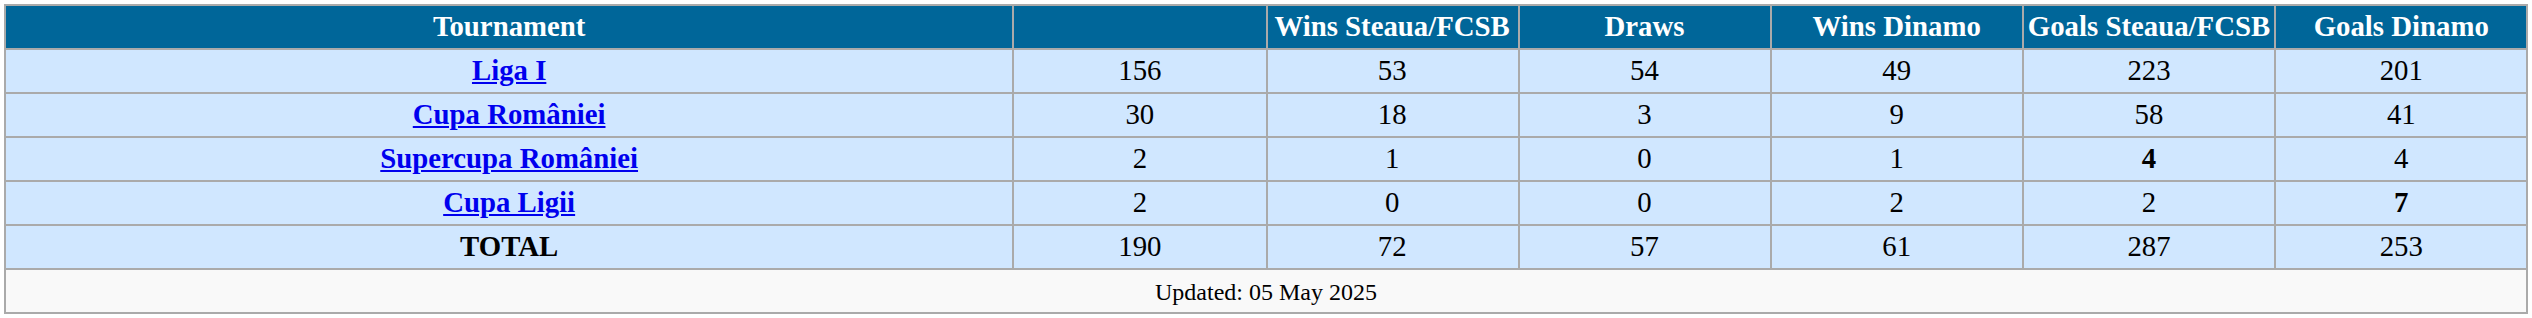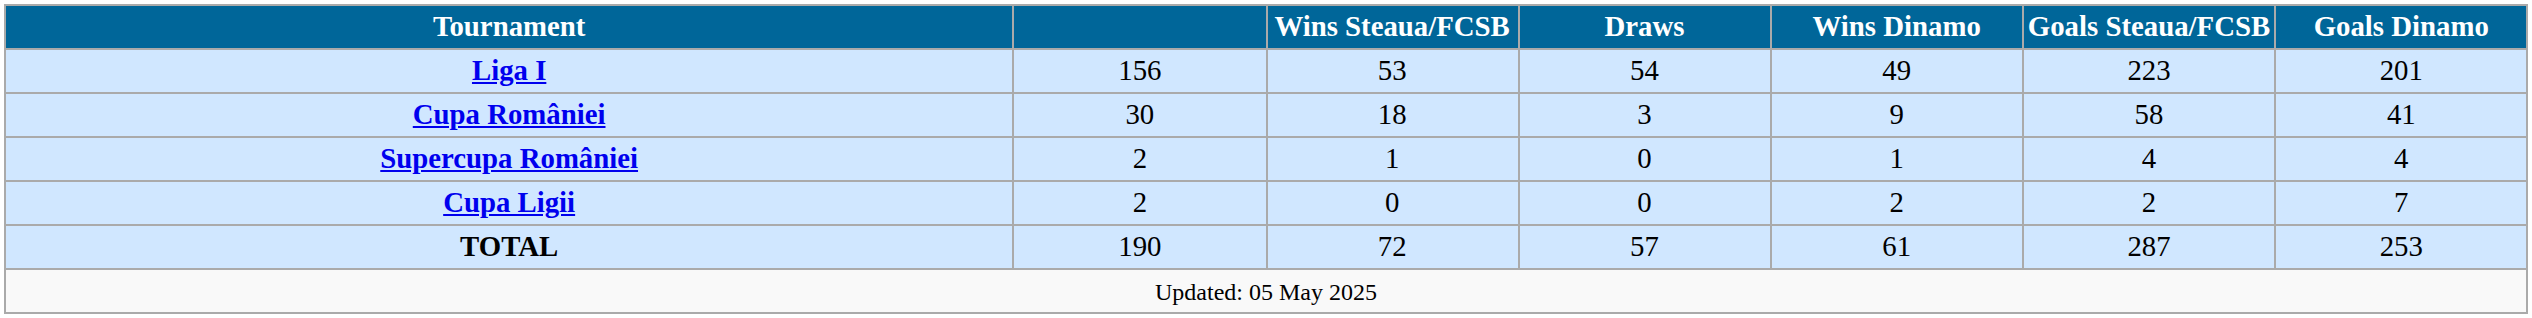 <table align=center border=1 cellpadding="2" cellspacing="0" style="background: #f9f9f9; border: 1px #aaa solid; border-collapse: collapse; font-size: 90%; text-align: center;">
 <tr align=center bgcolor=#006699 style="color:white;">
 <th width=40%>Tournament</th>
 <th width=10%></th>
 <th width=10%>Wins Steaua/FCSB</th>
 <th width=10%>Draws</th>
 <th width=10%>Wins Dinamo</th>
 <th width=10%>Goals Steaua/FCSB</th>
 <th width=10%>Goals Dinamo</th>
 </tr>
 <tr align=center bgcolor=#D0E7FF>
 <td><strong><a href='#'>Liga I</a></strong></td>
 <td>156</td>
 <td>53</td>
 <td>54</td>
 <td>49</td>
 <td>223</td>
 <td>201</td>
 </tr>
 <tr align=center bgcolor=#D0E7FF>
 <td><strong><a href='#'>Cupa României</a></strong></td>
 <td>30</td>
 <td>18</td>
 <td>3</td>
 <td>9</td>
 <td>58</td>
 <td>41</td>
 </tr>
 <tr align=center bgcolor=#D0E7FF>
 <td><strong><a href='#'>Supercupa României</a></strong></td>
 <td>2</td>
 <td>1</td>
 <td>0</td>
 <td>1</td>
-<td><strong>4</strong></td>
+<td>4</td>
 <td>4</td>
 </tr>
 <tr align=center bgcolor=#D0E7FF>
 <td><strong><a href='#'>Cupa Ligii</a></strong></td>
 <td>2</td>
 <td>0</td>
 <td>0</td>
 <td>2</td>
 <td>2</td>
-<td><strong>7</strong></td>
+<td>7</td>
 </tr>
 <tr align=center bgcolor=#D0E7FF>
 <td><strong>TOTAL</strong></td>
 <td>190</td>
 <td>72</td>
 <td>57</td>
 <td>61</td>
 <td>287</td>
 <td>253</td>
 </tr>
 <tr>
 <td colspan="10"><small>Updated: 05 May 2025</small></td>
 </tr>
 </table>
